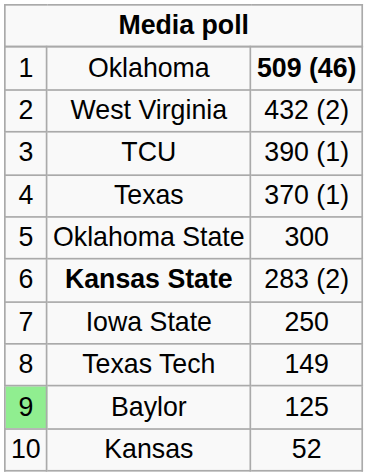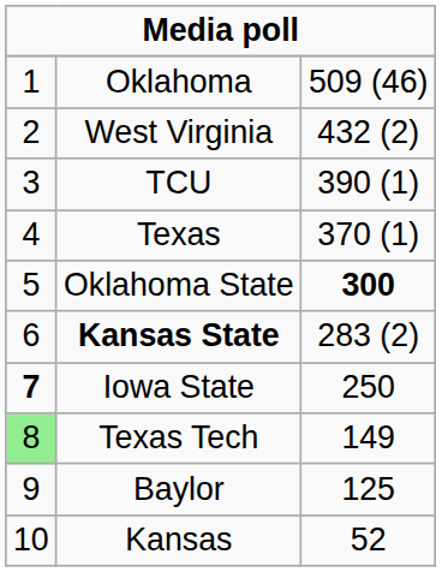 <table class="wikitable">
 <tr align="center">
 <td align="center" Colspan="3"><strong>Media poll</strong></td>
 </tr>
 <tr align="center">
 </tr>
 <tr align="center">
 <td>1</td>
 <td>Oklahoma</td>
-<td><strong>509 (46)</strong></td>
+<td>509 (46)</td>
 </tr>
 <tr align="center">
 <td>2</td>
 <td>West Virginia</td>
 <td>432 (2)</td>
 </tr>
 <tr align="center">
 <td>3</td>
 <td>TCU</td>
 <td>390 (1)</td>
 </tr>
 <tr align="center">
 <td>4</td>
 <td>Texas</td>
 <td>370 (1)</td>
 </tr>
 <tr align="center">
 <td>5</td>
 <td>Oklahoma State</td>
-<td>300</td>
+<td><strong>300</strong></td>
 </tr>
 <tr align="center">
 <td>6</td>
 <td><strong>Kansas State</strong></td>
 <td>283 (2)</td>
 </tr>
 <tr align="center">
-<td>7</td>
+<td><strong>7</strong></td>
 <td>Iowa State</td>
 <td>250</td>
 </tr>
 <tr align="center">
-<td>8</td>
+<td style="background: lightgreen;">8</td>
 <td>Texas Tech</td>
 <td>149</td>
 </tr>
 <tr align="center">
-<td style="background: lightgreen;">9</td>
+<td>9</td>
 <td>Baylor</td>
 <td>125</td>
 </tr>
 <tr align="center">
 <td>10</td>
 <td>Kansas</td>
 <td>52</td>
 </tr>
 </table>
